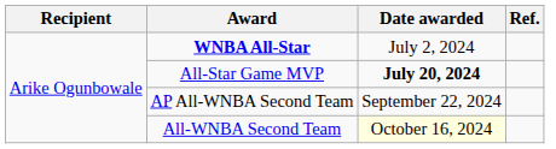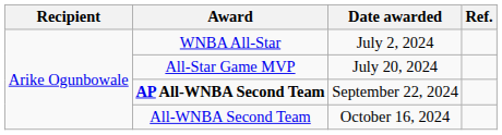 <table class="wikitable sortable sortable" style="text-align: center">
 <tr>
 <th>Recipient</th>
 <th>Award</th>
 <th>Date awarded</th>
 <th>Ref.</th>
 </tr>
 <tr>
 <td rowspan=4><a href='#'>Arike Ogunbowale</a></td>
-<td><strong><a href='#'>WNBA All-Star</a></strong></td>
+<td><a href='#'>WNBA All-Star</a></td>
 <td>July 2, 2024</td>
 <td></td>
 </tr>
 <tr>
 <td><a href='#'>All-Star Game MVP</a></td>
-<td><strong>July 20, 2024</strong></td>
+<td>July 20, 2024</td>
 <td></td>
 </tr>
 <tr>
-<td><a href='#'>AP</a> All-WNBA Second Team</td>
+<td><strong><a href='#'>AP</a> All-WNBA Second Team</strong></td>
 <td>September 22, 2024</td>
 <td></td>
 </tr>
 <tr>
 <td><a href='#'>All-WNBA Second Team</a></td>
-<td style="background: lightyellow;">October 16, 2024</td>
+<td>October 16, 2024</td>
 <td></td>
 </tr>
 </table>
